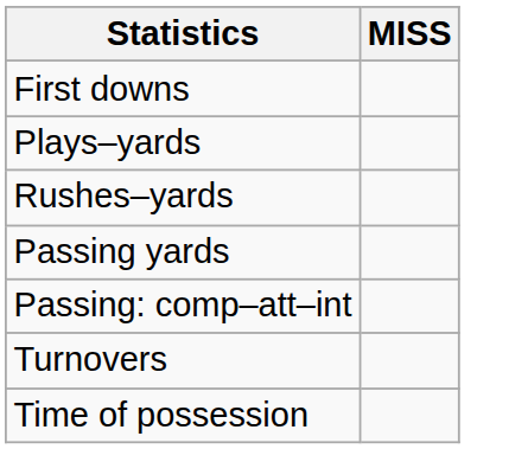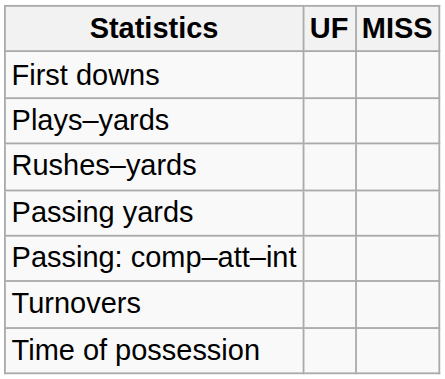 <table class="wikitable" style="float:left">
 <tr>
 <th>Statistics</th>
+<th>UF</th>
 <th>MISS</th>
 </tr>
 <tr>
 <td>First downs</td>
 <td></td>
+<td></td>
 </tr>
 <tr>
 <td>Plays–yards</td>
+<td></td>
 <td></td>
 </tr>
 <tr>
 <td>Rushes–yards</td>
 <td></td>
+<td></td>
 </tr>
 <tr>
 <td>Passing yards</td>
+<td></td>
 <td></td>
 </tr>
 <tr>
 <td>Passing: comp–att–int</td>
 <td></td>
+<td></td>
 </tr>
 <tr>
 <td>Turnovers</td>
+<td></td>
 <td></td>
 </tr>
 <tr>
 <td>Time of possession</td>
 <td></td>
+<td></td>
 </tr>
 </table>
